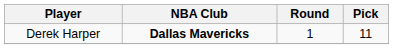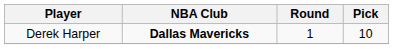 <table class="wikitable" width="500">
 <tr>
 <th>Player</th>
 <th>NBA Club</th>
 <th>Round</th>
 <th>Pick</th>
 </tr>
 <tr align="center" bgcolor="">
 <td>Derek Harper</td>
 <td><strong>Dallas Mavericks</strong></td>
 <td>1</td>
-<td>11</td>
+<td>10</td>
 </tr>
 <tr align="center" bgcolor="">
 </tr>
 </table>
